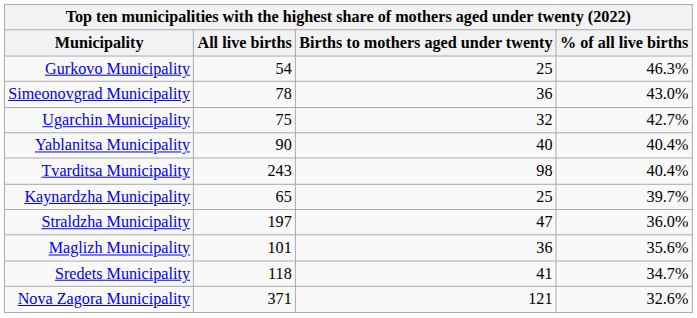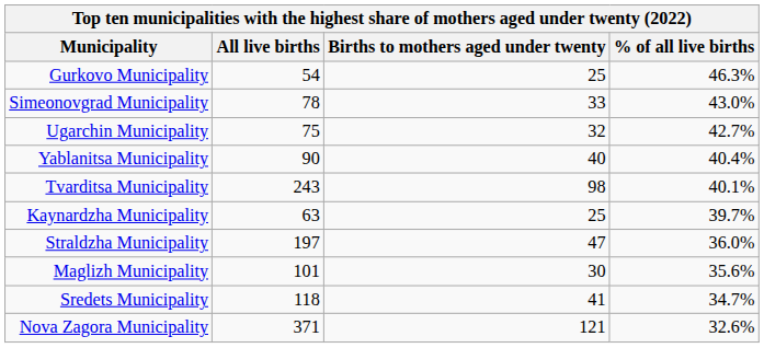 <table class="wikitable centre" style="text-align: right;">
 <tr>
 <th colspan=19>Top ten municipalities with the highest share of mothers aged under twenty (2022)</th>
 </tr>
 <tr>
 <th>Municipality</th>
 <th>All live births</th>
 <th>Births to mothers aged under twenty</th>
 <th>% of all live births</th>
 </tr>
 <tr>
 <td style="text-align:right;"><a href='#'>Gurkovo Municipality</a></td>
 <td style="text-align:right;">54</td>
 <td style="text-align:right;">25</td>
 <td>46.3%</td>
 </tr>
 <tr>
 <td style="text-align:right;"><a href='#'>Simeonovgrad Municipality</a></td>
 <td style="text-align:right;">78</td>
-<td style="text-align:right;">36</td>
+<td style="text-align:right;">33</td>
 <td>43.0%</td>
 </tr>
 <tr>
 <td style="text-align:right;"><a href='#'>Ugarchin Municipality</a></td>
 <td style="text-align:right;">75</td>
 <td style="text-align:right;">32</td>
 <td>42.7%</td>
 </tr>
 <tr>
 <td style="text-align:right;"><a href='#'>Yablanitsa Municipality</a></td>
 <td style="text-align:right;">90</td>
 <td style="text-align:right;">40</td>
 <td>40.4%</td>
 </tr>
 <tr>
 <td style="text-align:right;"><a href='#'>Tvarditsa Municipality</a></td>
 <td style="text-align:right;">243</td>
 <td style="text-align:right;">98</td>
-<td>40.4%</td>
+<td>40.1%</td>
 </tr>
 <tr>
 <td style="text-align:right;"><a href='#'>Kaynardzha Municipality</a></td>
-<td style="text-align:right;">65</td>
+<td style="text-align:right;">63</td>
 <td style="text-align:right;">25</td>
 <td>39.7%</td>
 </tr>
 <tr>
 <td style="text-align:right;"><a href='#'>Straldzha Municipality</a></td>
 <td style="text-align:right;">197</td>
 <td style="text-align:right;">47</td>
 <td>36.0%</td>
 </tr>
 <tr>
 <td style="text-align:right;"><a href='#'>Maglizh Municipality</a></td>
 <td style="text-align:right;">101</td>
-<td style="text-align:right;">36</td>
+<td style="text-align:right;">30</td>
 <td>35.6%</td>
 </tr>
 <tr>
 <td style="text-align:right;"><a href='#'>Sredets Municipality</a></td>
 <td style="text-align:right;">118</td>
 <td style="text-align:right;">41</td>
 <td>34.7%</td>
 </tr>
 <tr>
 <td style="text-align:right;"><a href='#'>Nova Zagora Municipality</a></td>
 <td style="text-align:right;">371</td>
 <td style="text-align:right;">121</td>
 <td>32.6%</td>
 </tr>
 </table>
